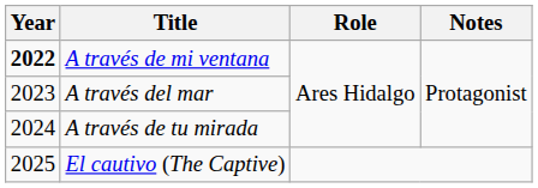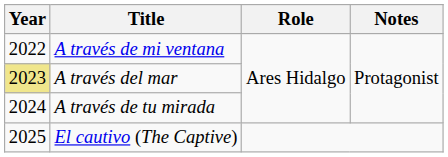 <table class="wikitable" sortable">
 <tr>
 <th scope="col">Year</th>
 <th scope="col">Title</th>
 <th scope="col">Role</th>
 <th scope="col" class="unsortable">Notes</th>
 </tr>
 <tr>
-<td><strong>2022</strong></td>
+<td>2022</td>
 <td><em><a href='#'>A través de mi ventana</a></em></td>
 <td rowspan="3">Ares Hidalgo</td>
 <td rowspan="3">Protagonist</td>
 </tr>
 <tr>
-<td>2023</td>
+<td style="background: khaki;">2023</td>
 <td><em>A través del mar</em></td>
 </tr>
 <tr>
 <td>2024</td>
 <td><em>A través de tu mirada</em></td>
 </tr>
 <tr>
 <td>2025</td>
 <td><em><a href='#'>El cautivo</a></em> (<em>The Captive</em>)</td>
 </tr>
 </table>
